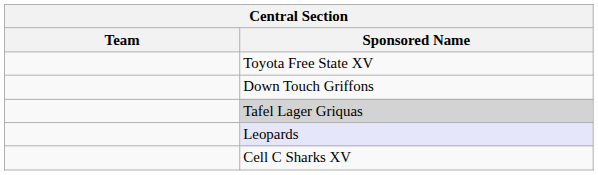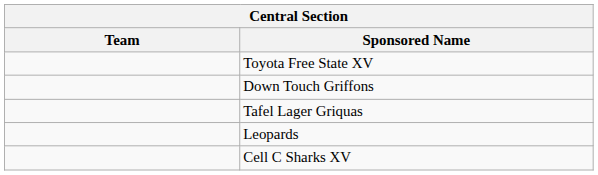 <table class="wikitable collapsible sortable" style="text-align:left; font-size:100%; width:40%;">
 <tr>
 <th colspan="100%" align=center>Central Section</th>
 </tr>
 <tr>
 <th width="40%">Team</th>
 <th width="60%">Sponsored Name</th>
 </tr>
 <tr>
 <td></td>
 <td>Toyota Free State XV</td>
 </tr>
 <tr>
 <td></td>
 <td>Down Touch Griffons</td>
 </tr>
 <tr>
 <td></td>
-<td style="background: lightgrey;">Tafel Lager Griquas</td>
+<td>Tafel Lager Griquas</td>
 </tr>
 <tr>
 <td></td>
-<td style="background: lavender;">Leopards</td>
+<td>Leopards</td>
 </tr>
 <tr>
 <td></td>
 <td>Cell C Sharks XV</td>
 </tr>
 </table>
